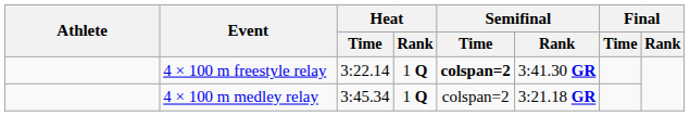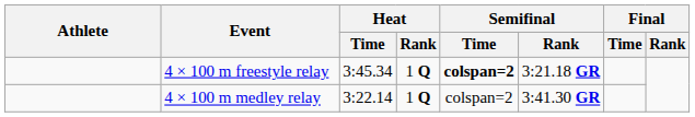 <table class=wikitable style=font-size:90%>
 <tr>
 <th rowspan=2 width=130>Athlete</th>
 <th rowspan=2 width=150>Event</th>
 <th colspan=2>Heat</th>
 <th colspan=2>Semifinal</th>
 <th colspan=2>Final</th>
 </tr>
 <tr style=font-size:95%>
 <th>Time</th>
 <th>Rank</th>
 <th>Time</th>
 <th>Rank</th>
 <th>Time</th>
 <th>Rank</th>
 </tr>
 <tr align=center>
 <td></td>
 <td align=left><a href='#'>4 × 100 m freestyle relay</a></td>
-<td>3:22.14</td>
+<td>3:45.34</td>
 <td>1 <strong>Q</strong></td>
 <td><strong>colspan=2 </strong></td>
-<td>3:41.30 <a href='#'><strong>GR</strong></a></td>
+<td>3:21.18 <a href='#'><strong>GR</strong></a></td>
 <td></td>
 </tr>
 <tr align=center>
 <td></td>
 <td align=left><a href='#'>4 × 100 m medley relay</a></td>
-<td>3:45.34</td>
+<td>3:22.14</td>
 <td>1 <strong>Q</strong></td>
 <td>colspan=2 </td>
-<td>3:21.18 <a href='#'><strong>GR</strong></a></td>
+<td>3:41.30 <a href='#'><strong>GR</strong></a></td>
 <td></td>
 </tr>
 </table>
